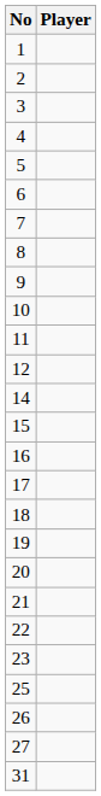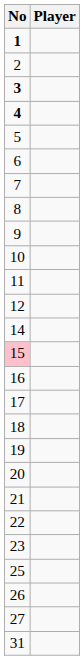 <table class="wikitable sortable" style="text-align:center;">
 <tr>
 <th><strong>No</strong></th>
 <th><strong>Player</strong></th>
 </tr>
 <tr>
-<td>1</td>
+<td><strong>1</strong></td>
 <td align=left></td>
 </tr>
 <tr>
 <td>2</td>
 <td align=left></td>
 </tr>
 <tr>
-<td>3</td>
+<td><strong>3</strong></td>
 <td align=left></td>
 </tr>
 <tr>
-<td>4</td>
+<td><strong>4</strong></td>
 <td align=left></td>
 </tr>
 <tr>
 <td>5</td>
 <td align=left></td>
 </tr>
 <tr>
 <td>6</td>
 <td align=left></td>
 </tr>
 <tr>
 <td>7</td>
 <td align=left></td>
 </tr>
 <tr>
 <td>8</td>
 <td align=left></td>
 </tr>
 <tr>
 <td>9</td>
 <td align=left></td>
 </tr>
 <tr>
 <td>10</td>
 <td align=left></td>
 </tr>
 <tr>
 <td>11</td>
 <td align=left></td>
 </tr>
 <tr>
 <td>12</td>
 <td align=left></td>
 </tr>
 <tr>
 <td>14</td>
 <td align=left></td>
 </tr>
 <tr>
-<td>15</td>
+<td style="background: pink;">15</td>
 <td align=left></td>
 </tr>
 <tr>
 <td>16</td>
 <td align=left></td>
 </tr>
 <tr>
 <td>17</td>
 <td align=left></td>
 </tr>
 <tr>
 <td>18</td>
 <td align=left></td>
 </tr>
 <tr>
 <td>19</td>
 <td align=left></td>
 </tr>
 <tr>
 <td>20</td>
 <td align=left></td>
 </tr>
 <tr>
 <td>21</td>
 <td align=left></td>
 </tr>
 <tr>
 <td>22</td>
 <td align=left></td>
 </tr>
 <tr>
 <td>23</td>
 <td align=left></td>
 </tr>
 <tr>
 <td>25</td>
 <td align=left></td>
 </tr>
 <tr>
 <td>26</td>
 <td align=left></td>
 </tr>
 <tr>
 <td>27</td>
 <td align=left></td>
 </tr>
 <tr>
 <td>31</td>
 <td align=left></td>
 </tr>
 </table>
